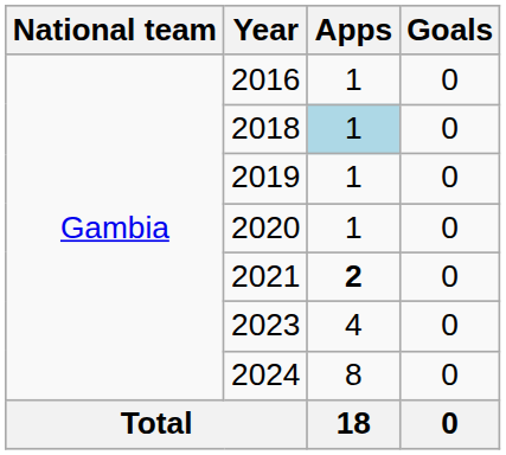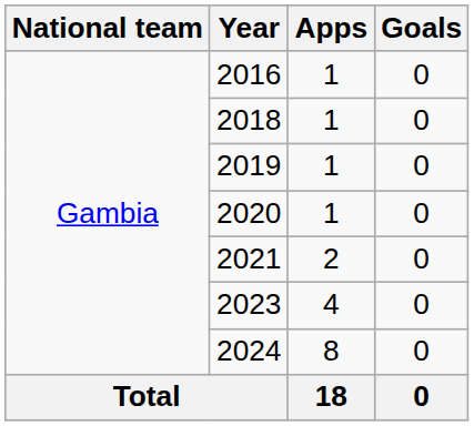 <table class="wikitable" style="text-align:center">
 <tr>
 <th>National team</th>
 <th>Year</th>
 <th>Apps</th>
 <th>Goals</th>
 </tr>
 <tr>
 <td rowspan="7"><a href='#'>Gambia</a></td>
 <td>2016</td>
 <td>1</td>
 <td>0</td>
 </tr>
 <tr>
 <td>2018</td>
-<td style="background: lightblue;">1</td>
+<td>1</td>
 <td>0</td>
 </tr>
 <tr>
 <td>2019</td>
 <td>1</td>
 <td>0</td>
 </tr>
 <tr>
 <td>2020</td>
 <td>1</td>
 <td>0</td>
 </tr>
 <tr>
 <td>2021</td>
-<td><strong>2</strong></td>
+<td>2</td>
 <td>0</td>
 </tr>
 <tr>
 <td>2023</td>
 <td>4</td>
 <td>0</td>
 </tr>
 <tr>
 <td>2024</td>
 <td>8</td>
 <td>0</td>
 </tr>
 <tr>
 <th colspan="2">Total</th>
 <th>18</th>
 <th>0</th>
 </tr>
 </table>
